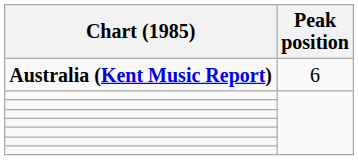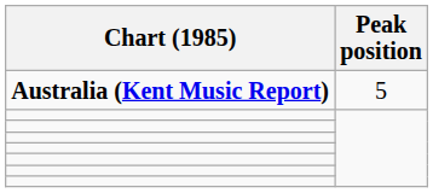 <table class="wikitable sortable">
 <tr>
 <th>Chart (1985)</th>
 <th>Peak<br>position</th>
 </tr>
 <tr>
 <td><strong>Australia (<a href='#'>Kent Music Report</a>)</strong></td>
-<td style="text-align:center;">6</td>
+<td style="text-align:center;">5</td>
 </tr>
 <tr>
 <td></td>
 </tr>
 <tr>
 <td></td>
 </tr>
 <tr>
 <td></td>
 </tr>
 <tr>
 <td></td>
 </tr>
 <tr>
 <td></td>
 </tr>
 <tr>
 <td></td>
 </tr>
 <tr>
 <td></td>
 </tr>
 </table>
